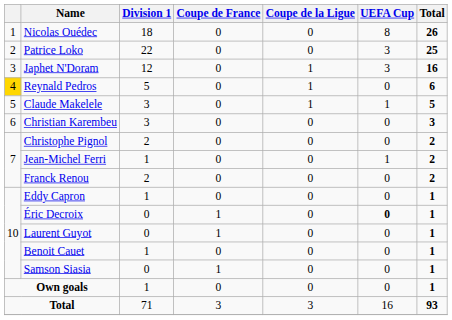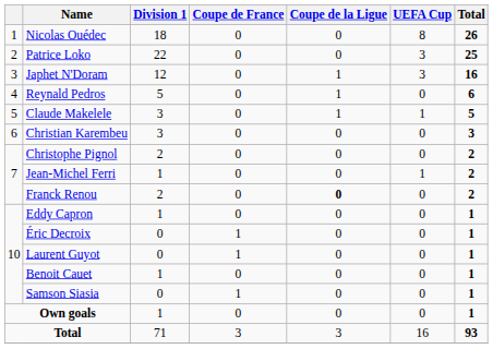 <table class="wikitable" style="text-align:center;">
 <tr>
 <th></th>
 <th>Name</th>
 <th><a href='#'>Division 1</a></th>
 <th><a href='#'>Coupe de France</a></th>
 <th><a href='#'>Coupe de la Ligue</a></th>
 <th><a href='#'>UEFA Cup</a></th>
 <th>Total</th>
 </tr>
 <tr>
 <td rowspan=1>1</td>
 <td align=left> <a href='#'>Nicolas Ouédec</a></td>
 <td>18</td>
 <td>0</td>
 <td>0</td>
 <td>8</td>
 <td><strong>26</strong></td>
 </tr>
 <tr>
 <td rowspan=1>2</td>
 <td align=left> <a href='#'>Patrice Loko</a></td>
 <td>22</td>
 <td>0</td>
 <td>0</td>
 <td>3</td>
 <td><strong>25</strong></td>
 </tr>
 <tr>
 <td rowspan=1>3</td>
 <td align=left> <a href='#'>Japhet N'Doram</a></td>
 <td>12</td>
 <td>0</td>
 <td>1</td>
 <td>3</td>
 <td><strong>16</strong></td>
 </tr>
 <tr>
-<td rowspan=1 style="background: gold;">4</td>
+<td rowspan=1>4</td>
 <td align=left> <a href='#'>Reynald Pedros</a></td>
 <td>5</td>
 <td>0</td>
 <td>1</td>
 <td>0</td>
 <td><strong>6</strong></td>
 </tr>
 <tr>
 <td rowspan=1>5</td>
 <td align=left> <a href='#'>Claude Makelele</a></td>
 <td>3</td>
 <td>0</td>
 <td>1</td>
 <td>1</td>
 <td><strong>5</strong></td>
 </tr>
 <tr>
 <td rowspan=1>6</td>
 <td align=left> <a href='#'>Christian Karembeu</a></td>
 <td>3</td>
 <td>0</td>
 <td>0</td>
 <td>0</td>
 <td><strong>3</strong></td>
 </tr>
 <tr>
 <td rowspan=3>7</td>
 <td align=left> <a href='#'>Christophe Pignol</a></td>
 <td>2</td>
 <td>0</td>
 <td>0</td>
 <td>0</td>
 <td><strong>2</strong></td>
 </tr>
 <tr>
 <td align=left> <a href='#'>Jean-Michel Ferri</a></td>
 <td>1</td>
 <td>0</td>
 <td>0</td>
 <td>1</td>
 <td><strong>2</strong></td>
 </tr>
 <tr>
 <td align=left> <a href='#'>Franck Renou</a></td>
 <td>2</td>
 <td>0</td>
-<td>0</td>
+<td><strong>0</strong></td>
 <td>0</td>
 <td><strong>2</strong></td>
 </tr>
 <tr>
 <td rowspan=5>10</td>
 <td align=left> <a href='#'>Eddy Capron</a></td>
 <td>1</td>
 <td>0</td>
 <td>0</td>
 <td>0</td>
 <td><strong>1</strong></td>
 </tr>
 <tr>
 <td align=left> <a href='#'>Éric Decroix</a></td>
 <td>0</td>
 <td>1</td>
 <td>0</td>
-<td><strong>0</strong></td>
+<td>0</td>
 <td><strong>1</strong></td>
 </tr>
 <tr>
 <td align=left> <a href='#'>Laurent Guyot</a></td>
 <td>0</td>
 <td>1</td>
 <td>0</td>
 <td>0</td>
 <td><strong>1</strong></td>
 </tr>
 <tr>
 <td align=left> <a href='#'>Benoit Cauet</a></td>
 <td>1</td>
 <td>0</td>
 <td>0</td>
 <td>0</td>
 <td><strong>1</strong></td>
 </tr>
 <tr>
 <td align=left> <a href='#'>Samson Siasia</a></td>
 <td>0</td>
 <td>1</td>
 <td>0</td>
 <td>0</td>
 <td><strong>1</strong></td>
 </tr>
 <tr>
 <td colspan=2><strong>Own goals</strong></td>
 <td>1</td>
 <td>0</td>
 <td>0</td>
 <td>0</td>
 <td><strong>1</strong></td>
 </tr>
 <tr>
 <td colspan=2><strong>Total</strong></td>
 <td>71</td>
 <td>3</td>
 <td>3</td>
 <td>16</td>
 <td><strong>93</strong></td>
 </tr>
 <tr>
 </tr>
 </table>
